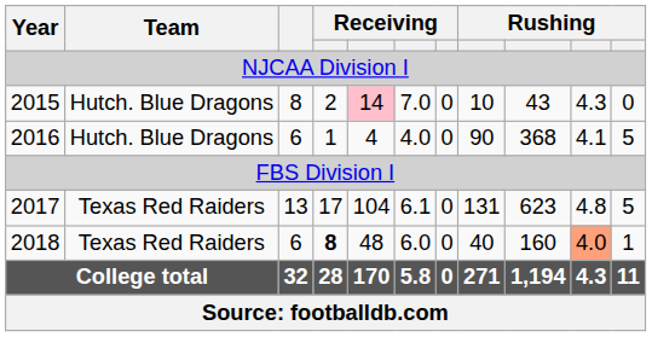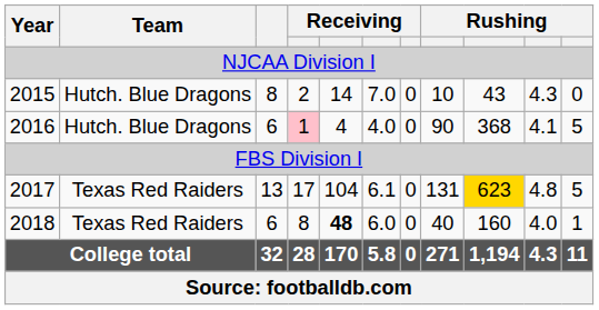 <table class="wikitable" style="text-align: center;">
 <tr>
 <th rowspan="2">Year</th>
 <th rowspan="2">Team</th>
 <th rowspan="2"></th>
 <th colspan="4">Receiving</th>
 <th colspan="4">Rushing</th>
 </tr>
 <tr>
 <th></th>
 <th></th>
 <th></th>
 <th></th>
 <th></th>
 <th></th>
 <th></th>
 <th></th>
 </tr>
 <tr>
 <td colspan="15" style="background-color:#D1D1D1"><a href='#'>NJCAA Division I</a></td>
 </tr>
 <tr>
 <td>2015</td>
 <td>Hutch. Blue Dragons</td>
 <td>8</td>
 <td>2</td>
-<td style="background: pink;">14</td>
+<td>14</td>
 <td>7.0</td>
 <td>0</td>
 <td>10</td>
 <td>43</td>
 <td>4.3</td>
 <td>0</td>
 </tr>
 <tr>
 <td>2016</td>
 <td>Hutch. Blue Dragons</td>
 <td>6</td>
-<td>1</td>
+<td style="background: pink;">1</td>
 <td>4</td>
 <td>4.0</td>
 <td>0</td>
 <td>90</td>
 <td>368</td>
 <td>4.1</td>
 <td>5</td>
 </tr>
 <tr>
 <td colspan="15" style="background-color:#D1D1D1"><a href='#'>FBS Division I</a></td>
 </tr>
 <tr>
 <td>2017</td>
 <td>Texas Red Raiders</td>
 <td>13</td>
 <td>17</td>
 <td>104</td>
 <td>6.1</td>
 <td>0</td>
 <td>131</td>
-<td>623</td>
+<td style="background: gold;">623</td>
 <td>4.8</td>
 <td>5</td>
 </tr>
 <tr>
 <td>2018</td>
 <td>Texas Red Raiders</td>
 <td>6</td>
-<td><strong>8</strong></td>
-<td>48</td>
+<td>8</td>
+<td><strong>48</strong></td>
 <td>6.0</td>
 <td>0</td>
 <td>40</td>
 <td>160</td>
-<td style="background: lightsalmon;">4.0</td>
+<td>4.0</td>
 <td>1</td>
 </tr>
 <tr style="background:#555555; font-weight:bold; color:white;">
 <td colspan="2">College total</td>
 <td>32</td>
 <td>28</td>
 <td>170</td>
 <td>5.8</td>
 <td>0</td>
 <td>271</td>
 <td>1,194</td>
 <td>4.3</td>
 <td>11</td>
 </tr>
 <tr>
 <th colspan="15">Source: footballdb.com</th>
 </tr>
 </table>
